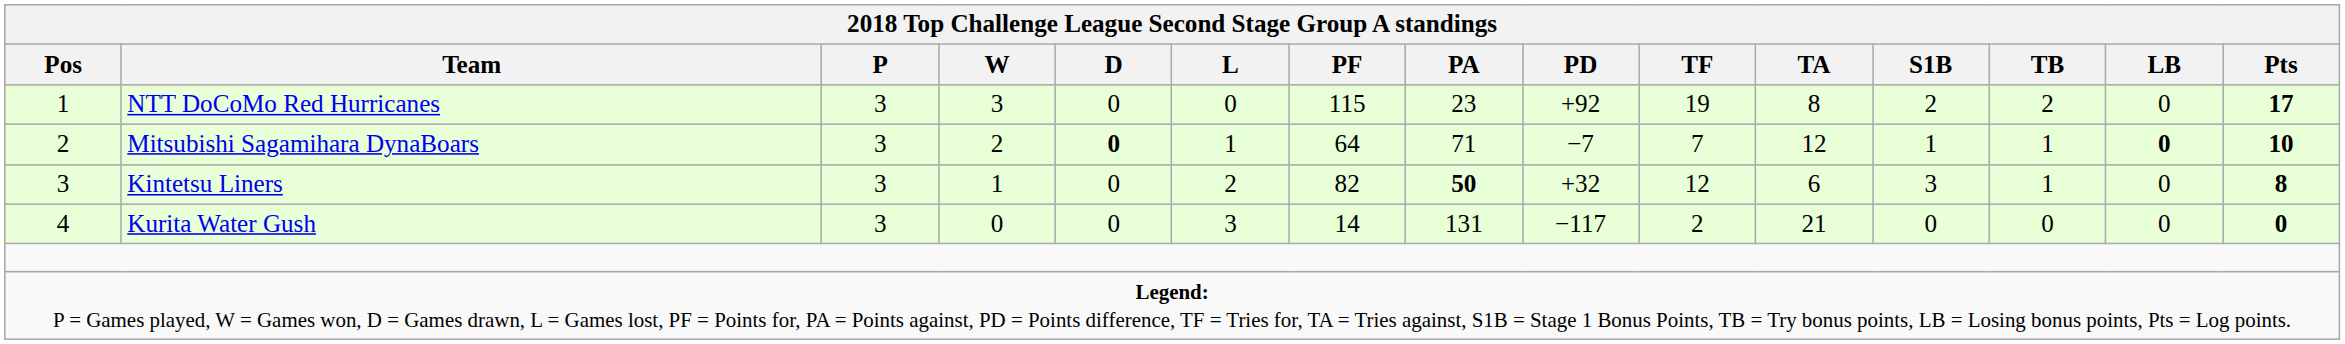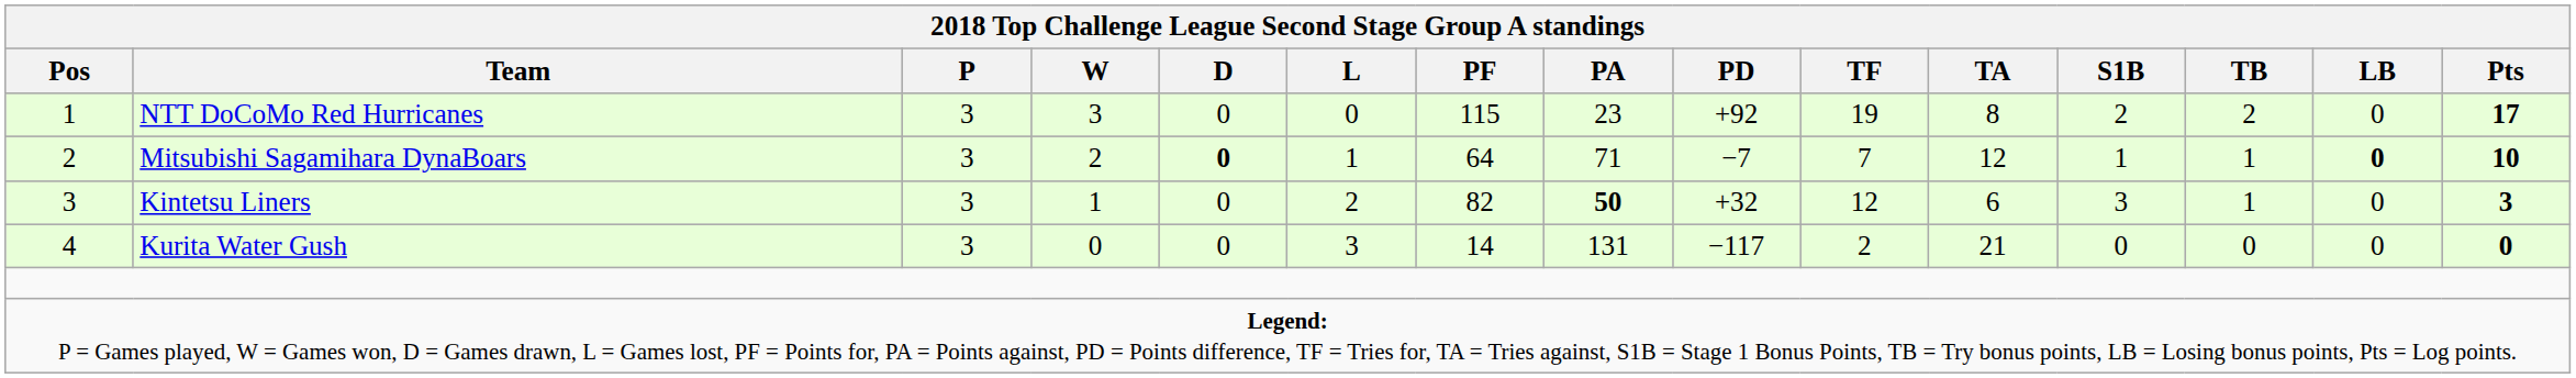 <table class="wikitable" style="text-align:center; font-size:100%; width:75%;">
 <tr>
 <th colspan="100%" cellpadding="0" cellspacing="0"><strong>2018 Top Challenge League Second Stage Group A standings</strong></th>
 </tr>
 <tr>
 <th style="width:5%;">Pos</th>
 <th style="width:30%;">Team</th>
 <th style="width:5%;">P</th>
 <th style="width:5%;">W</th>
 <th style="width:5%;">D</th>
 <th style="width:5%;">L</th>
 <th style="width:5%;">PF</th>
 <th style="width:5%;">PA</th>
 <th style="width:5%;">PD</th>
 <th style="width:5%;">TF</th>
 <th style="width:5%;">TA</th>
 <th style="width:5%;">S1B</th>
 <th style="width:5%;">TB</th>
 <th style="width:5%;">LB</th>
 <th style="width:5%;">Pts<br></th>
 </tr>
 <tr style="background:#E8FFD8;">
 <td>1</td>
 <td style="text-align:left;"><a href='#'>NTT DoCoMo Red Hurricanes</a></td>
 <td>3</td>
 <td>3</td>
 <td>0</td>
 <td>0</td>
 <td>115</td>
 <td>23</td>
 <td>+92</td>
 <td>19</td>
 <td>8</td>
 <td>2</td>
 <td>2</td>
 <td>0</td>
 <td><strong>17</strong></td>
 </tr>
 <tr style="background:#E8FFD8;">
 <td>2</td>
 <td style="text-align:left;"><a href='#'>Mitsubishi Sagamihara DynaBoars</a></td>
 <td>3</td>
 <td>2</td>
 <td><strong>0</strong></td>
 <td>1</td>
 <td>64</td>
 <td>71</td>
 <td>−7</td>
 <td>7</td>
 <td>12</td>
 <td>1</td>
 <td>1</td>
 <td><strong>0</strong></td>
 <td><strong>10</strong></td>
 </tr>
 <tr style="background:#E8FFD8;">
 <td>3</td>
 <td style="text-align:left;"><a href='#'>Kintetsu Liners</a></td>
 <td>3</td>
 <td>1</td>
 <td>0</td>
 <td>2</td>
 <td>82</td>
 <td><strong>50</strong></td>
 <td>+32</td>
 <td>12</td>
 <td>6</td>
 <td>3</td>
 <td>1</td>
 <td>0</td>
-<td><strong>8</strong></td>
+<td><strong>3</strong></td>
 </tr>
 <tr style="background:#E8FFD8;">
 <td>4</td>
 <td style="text-align:left;"><a href='#'>Kurita Water Gush</a></td>
 <td>3</td>
 <td>0</td>
 <td>0</td>
 <td>3</td>
 <td>14</td>
 <td>131</td>
 <td>−117</td>
 <td>2</td>
 <td>21</td>
 <td>0</td>
 <td>0</td>
 <td>0</td>
 <td><strong>0</strong></td>
 </tr>
 <tr>
 <td colspan="100%" style="height:10px;"></td>
 </tr>
 <tr>
 <td colspan="100%"><small><strong>Legend:</strong> <br> P = Games played, W = Games won, D = Games drawn, L = Games lost, PF = Points for, PA = Points against, PD = Points difference, TF = Tries for, TA = Tries against, S1B = Stage 1 Bonus Points, TB = Try bonus points, LB = Losing bonus points, Pts = Log points.</small></td>
 </tr>
 </table>
